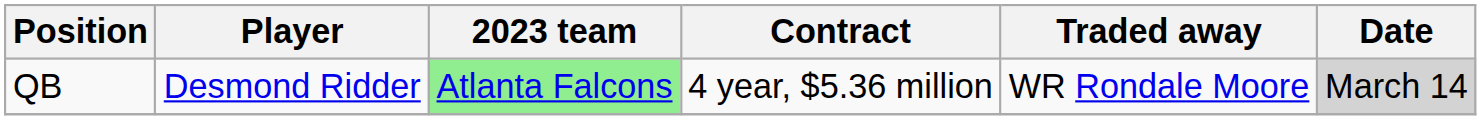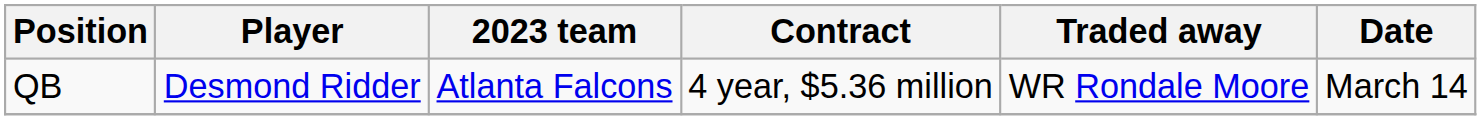 <table class="wikitable">
 <tr>
 <th>Position</th>
 <th>Player</th>
 <th>2023 team</th>
 <th>Contract</th>
 <th>Traded away</th>
 <th>Date</th>
 </tr>
 <tr>
 <td>QB</td>
 <td><a href='#'>Desmond Ridder</a></td>
-<td style="background: lightgreen;"><a href='#'>Atlanta Falcons</a></td>
+<td><a href='#'>Atlanta Falcons</a></td>
 <td>4 year, $5.36 million</td>
 <td>WR <a href='#'>Rondale Moore</a></td>
-<td style="background: lightgrey;">March 14</td>
+<td>March 14</td>
 </tr>
 <tr>
 </tr>
 </table>
